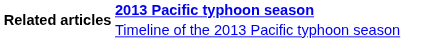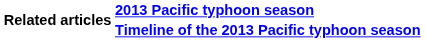 <table>
 <tr>
 <td rowspan=4><strong>Related articles</strong></td>
 <td><strong><a href='#'>2013 Pacific typhoon season</a></strong></td>
 </tr>
 <tr>
-<td><a href='#'>Timeline of the 2013 Pacific typhoon season</a></td>
+<td><strong><a href='#'>Timeline of the 2013 Pacific typhoon season</a></strong></td>
 </tr>
 </table>
